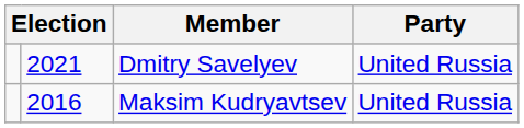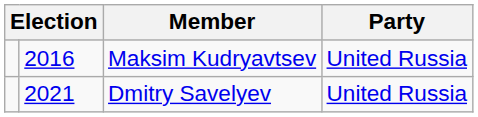 <table class="wikitable">
 <tr>
 <th colspan="2">Election</th>
 <th>Member</th>
 <th>Party</th>
 </tr>
 <tr>
 <td style="background-color: "></td>
+<td><a href='#'>2016</a></td>
+<td><a href='#'>Maksim Kudryavtsev</a></td>
+<td><a href='#'>United Russia</a></td>
+</tr>
+<tr>
+<td style="background-color: "></td>
 <td><a href='#'>2021</a></td>
 <td><a href='#'>Dmitry Savelyev</a></td>
 <td><a href='#'>United Russia</a></td>
 </tr>
-<tr>
-<td style="background-color: "></td>
-<td><a href='#'>2016</a></td>
-<td><a href='#'>Maksim Kudryavtsev</a></td>
-<td><a href='#'>United Russia</a></td>
-</tr>
 </table>
